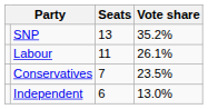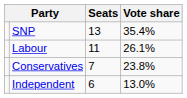 <table class="wikitable">
 <tr>
 <th scope="col"; colspan="2">Party</th>
 <th scope="col">Seats</th>
 <th scope="col">Vote share</th>
 </tr>
 <tr>
 <td style="background-color: "></td>
 <td scope="row"><a href='#'>SNP</a></td>
 <td>13</td>
-<td>35.2%</td>
+<td>35.4%</td>
 </tr>
 <tr>
 <td style="background-color: "></td>
 <td scope="row"><a href='#'>Labour</a></td>
 <td>11</td>
 <td>26.1%</td>
 </tr>
 <tr>
 <td style="background-color: "></td>
 <td scope="row"><a href='#'>Conservatives</a></td>
 <td>7</td>
-<td>23.5%</td>
+<td>23.8%</td>
 </tr>
 <tr>
 <td style="background-color: "></td>
 <td scope="row"><a href='#'>Independent</a></td>
 <td>6</td>
 <td>13.0%</td>
 </tr>
 </table>
